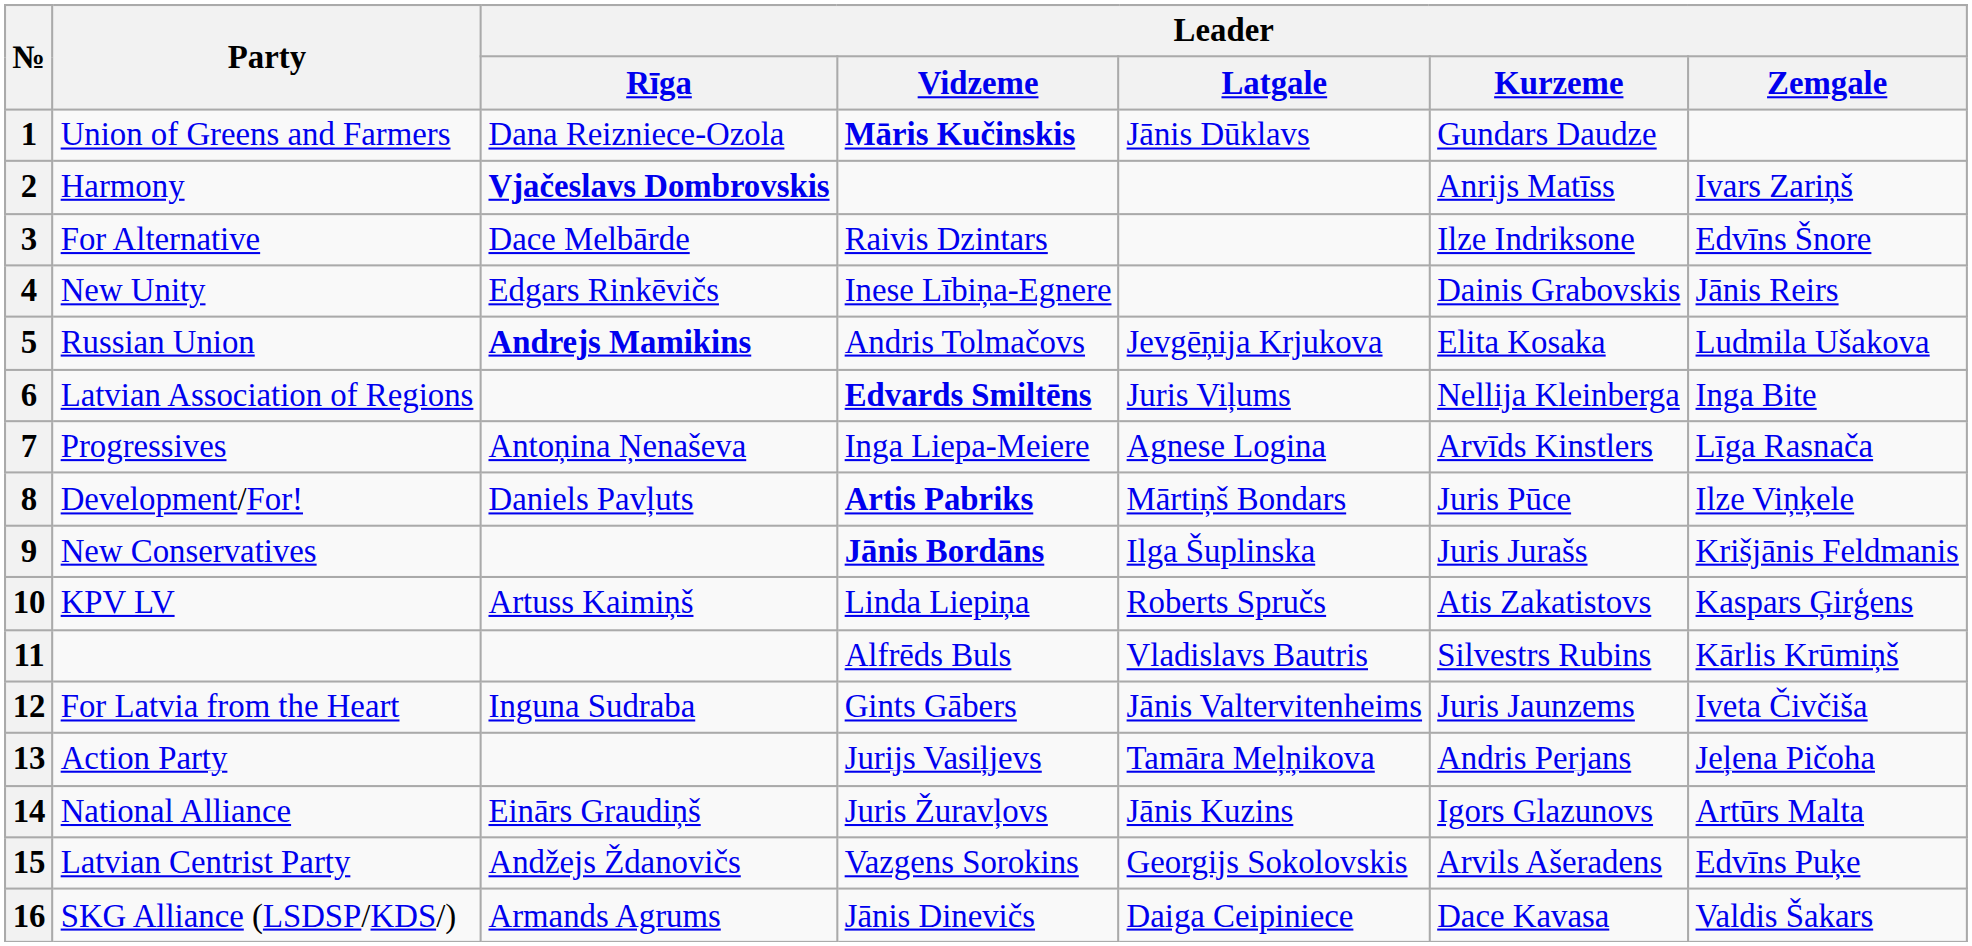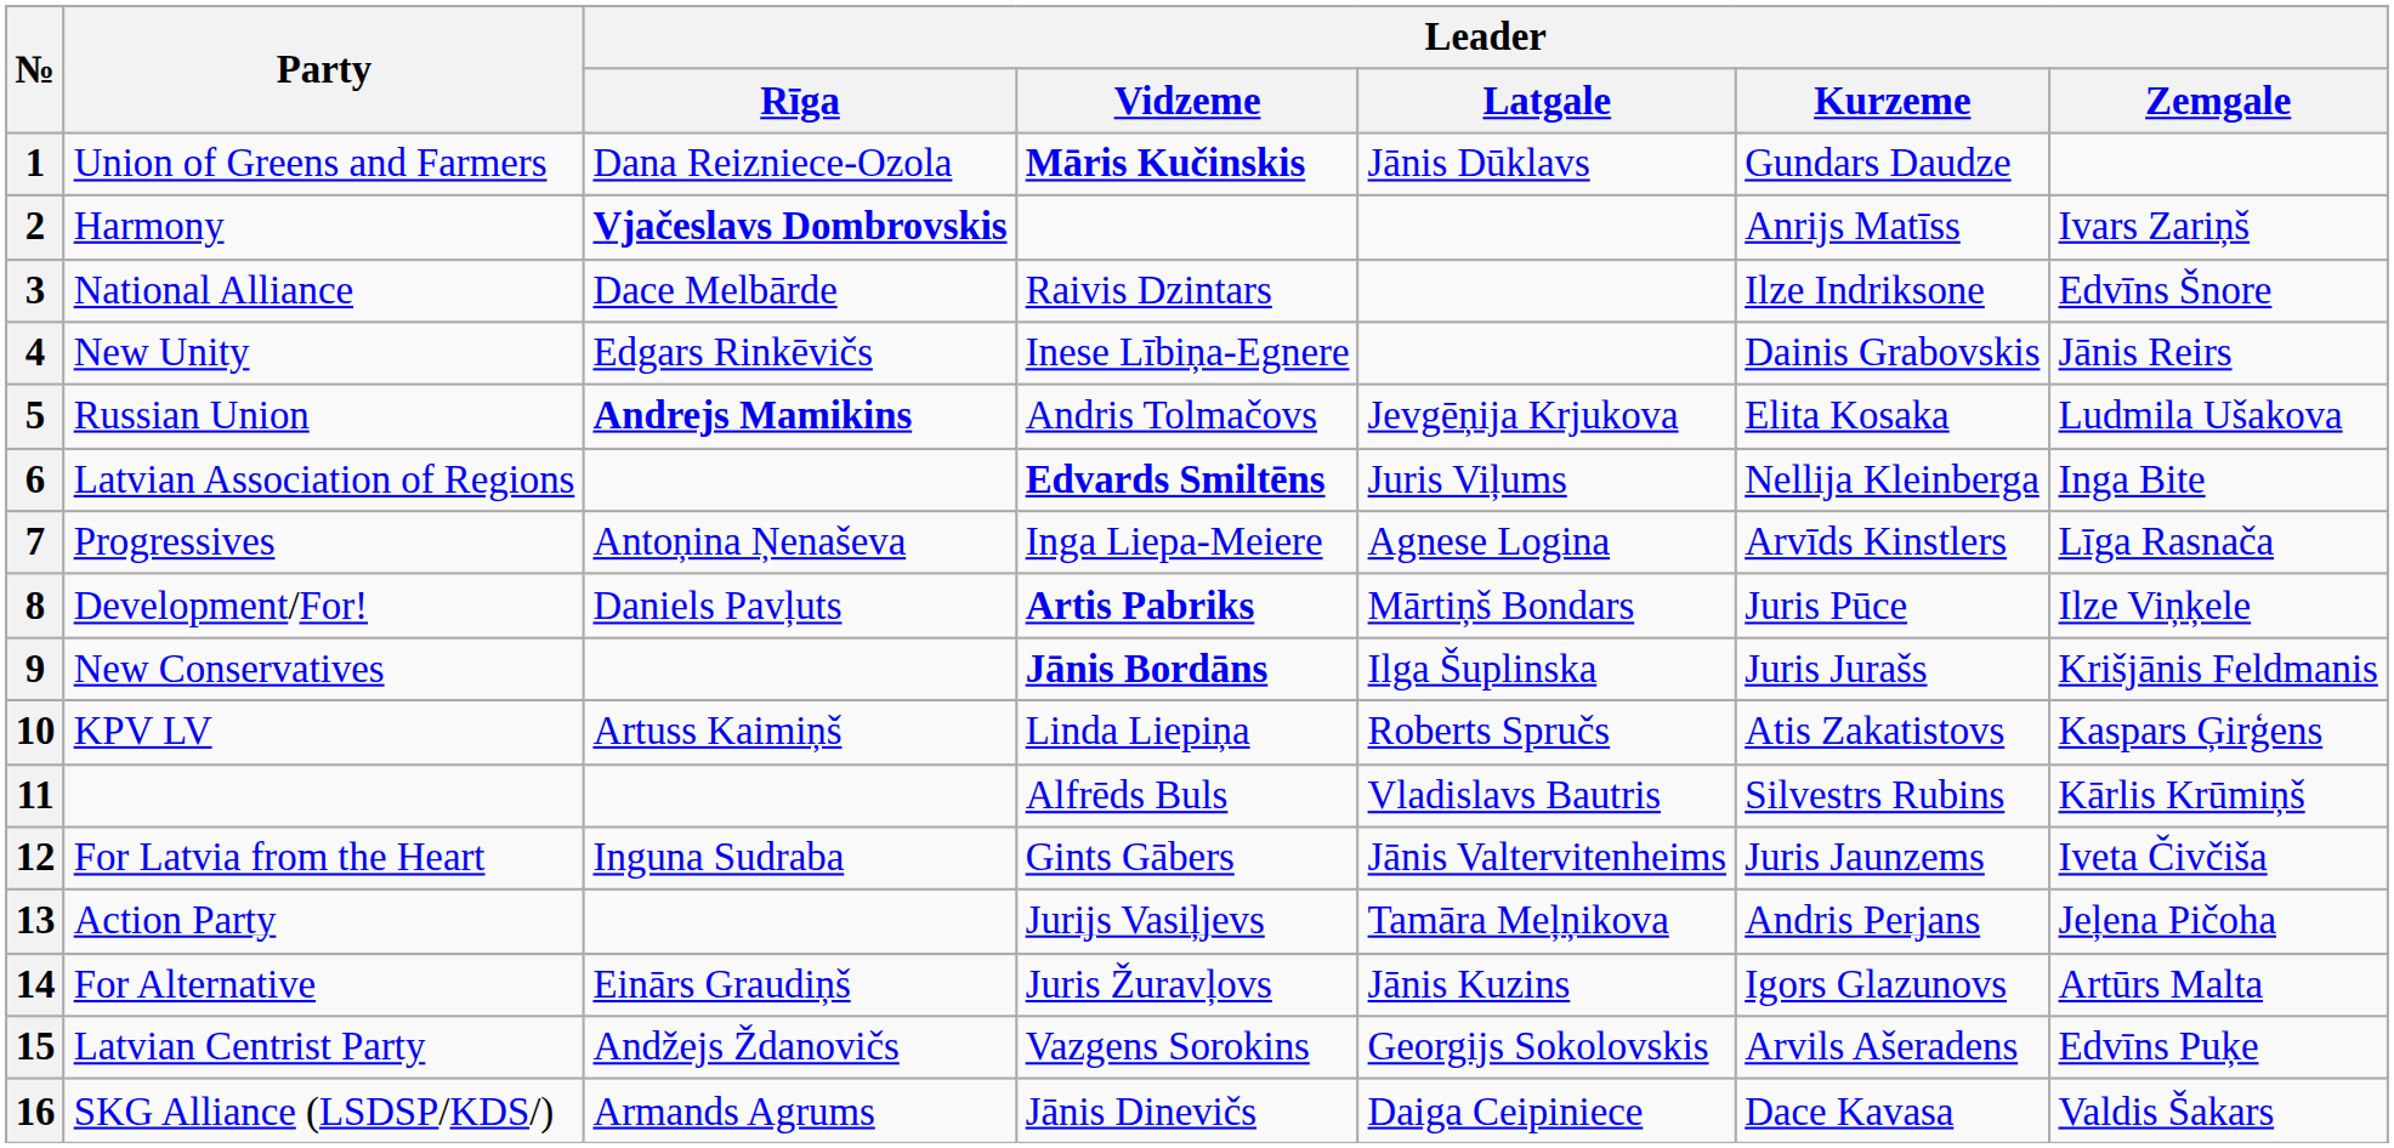 <table class="wikitable" style="text-align: left">
 <tr>
 <th rowspan=2>№</th>
 <th rowspan=2>Party</th>
 <th colspan=5>Leader</th>
 </tr>
 <tr>
 <th><a href='#'>Rīga</a></th>
 <th><a href='#'>Vidzeme</a></th>
 <th><a href='#'>Latgale</a></th>
 <th><a href='#'>Kurzeme</a></th>
 <th><a href='#'>Zemgale</a></th>
 </tr>
 <tr>
 <th>1</th>
 <td><a href='#'>Union of Greens and Farmers</a></td>
 <td><a href='#'>Dana Reizniece-Ozola</a></td>
 <td><strong><a href='#'>Māris Kučinskis</a></strong></td>
 <td><a href='#'>Jānis Dūklavs</a></td>
 <td><a href='#'>Gundars Daudze</a></td>
 <td></td>
 </tr>
 <tr>
 <th>2</th>
 <td><a href='#'>Harmony</a></td>
 <td><strong><a href='#'>Vjačeslavs Dombrovskis</a></strong></td>
 <td></td>
 <td></td>
 <td><a href='#'>Anrijs Matīss</a></td>
 <td><a href='#'>Ivars Zariņš</a></td>
 </tr>
 <tr>
 <th>3</th>
-<td><a href='#'>For Alternative</a></td>
+<td><a href='#'>National Alliance</a></td>
 <td><a href='#'>Dace Melbārde</a></td>
 <td><a href='#'>Raivis Dzintars</a></td>
 <td></td>
 <td><a href='#'>Ilze Indriksone</a></td>
 <td><a href='#'>Edvīns Šnore</a></td>
 </tr>
 <tr>
 <th>4</th>
 <td><a href='#'>New Unity</a></td>
 <td><a href='#'>Edgars Rinkēvičs</a></td>
 <td><a href='#'>Inese Lībiņa-Egnere</a></td>
 <td></td>
 <td><a href='#'>Dainis Grabovskis</a></td>
 <td><a href='#'>Jānis Reirs</a></td>
 </tr>
 <tr>
 <th>5</th>
 <td><a href='#'>Russian Union</a></td>
 <td><strong><a href='#'>Andrejs Mamikins</a></strong></td>
 <td><a href='#'>Andris Tolmačovs</a></td>
 <td><a href='#'>Jevgēņija Krjukova</a></td>
 <td><a href='#'>Elita Kosaka</a></td>
 <td><a href='#'>Ludmila Ušakova</a></td>
 </tr>
 <tr>
 <th>6</th>
 <td><a href='#'>Latvian Association of Regions</a></td>
 <td></td>
 <td><strong><a href='#'>Edvards Smiltēns</a></strong></td>
 <td><a href='#'>Juris Viļums</a></td>
 <td><a href='#'>Nellija Kleinberga</a></td>
 <td><a href='#'>Inga Bite</a></td>
 </tr>
 <tr>
 <th>7</th>
 <td><a href='#'>Progressives</a></td>
 <td><a href='#'>Antoņina Ņenaševa</a></td>
 <td><a href='#'>Inga Liepa-Meiere</a></td>
 <td><a href='#'>Agnese Logina</a></td>
 <td><a href='#'>Arvīds Kinstlers</a></td>
 <td><a href='#'>Līga Rasnača</a></td>
 </tr>
 <tr>
 <th>8</th>
 <td><a href='#'>Development</a>/<a href='#'>For!</a></td>
 <td><a href='#'>Daniels Pavļuts</a></td>
 <td><strong><a href='#'>Artis Pabriks</a></strong></td>
 <td><a href='#'>Mārtiņš Bondars</a></td>
 <td><a href='#'>Juris Pūce</a></td>
 <td><a href='#'>Ilze Viņķele</a></td>
 </tr>
 <tr>
 <th>9</th>
 <td><a href='#'>New Conservatives</a></td>
 <td></td>
 <td><strong><a href='#'>Jānis Bordāns</a></strong></td>
 <td><a href='#'>Ilga Šuplinska</a></td>
 <td><a href='#'>Juris Jurašs</a></td>
 <td><a href='#'>Krišjānis Feldmanis</a></td>
 </tr>
 <tr>
 <th>10</th>
 <td><a href='#'>KPV LV</a></td>
 <td><a href='#'>Artuss Kaimiņš</a></td>
 <td><a href='#'>Linda Liepiņa</a></td>
 <td><a href='#'>Roberts Spručs</a></td>
 <td><a href='#'>Atis Zakatistovs</a></td>
 <td><a href='#'>Kaspars Ģirģens</a></td>
 </tr>
 <tr>
 <th>11</th>
 <td></td>
 <td></td>
 <td><a href='#'>Alfrēds Buls</a></td>
 <td><a href='#'>Vladislavs Bautris</a></td>
 <td><a href='#'>Silvestrs Rubins</a></td>
 <td><a href='#'>Kārlis Krūmiņš</a></td>
 </tr>
 <tr>
 <th>12</th>
 <td><a href='#'>For Latvia from the Heart</a></td>
 <td><a href='#'>Inguna Sudraba</a></td>
 <td><a href='#'>Gints Gābers</a></td>
 <td><a href='#'>Jānis Valtervitenheims</a></td>
 <td><a href='#'>Juris Jaunzems</a></td>
 <td><a href='#'>Iveta Čivčiša</a></td>
 </tr>
 <tr>
 <th>13</th>
 <td><a href='#'>Action Party</a></td>
 <td></td>
 <td><a href='#'>Jurijs Vasiļjevs</a></td>
 <td><a href='#'>Tamāra Meļņikova</a></td>
 <td><a href='#'>Andris Perjans</a></td>
 <td><a href='#'>Jeļena Pičoha</a></td>
 </tr>
 <tr>
 <th>14</th>
-<td><a href='#'>National Alliance</a></td>
+<td><a href='#'>For Alternative</a></td>
 <td><a href='#'>Einārs Graudiņš</a></td>
 <td><a href='#'>Juris Žuravļovs</a></td>
 <td><a href='#'>Jānis Kuzins</a></td>
 <td><a href='#'>Igors Glazunovs</a></td>
 <td><a href='#'>Artūrs Malta</a></td>
 </tr>
 <tr>
 <th>15</th>
 <td><a href='#'>Latvian Centrist Party</a></td>
 <td><a href='#'>Andžejs Ždanovičs</a></td>
 <td><a href='#'>Vazgens Sorokins</a></td>
 <td><a href='#'>Georgijs Sokolovskis</a></td>
 <td><a href='#'>Arvils Ašeradens</a></td>
 <td><a href='#'>Edvīns Puķe</a></td>
 </tr>
 <tr>
 <th>16</th>
 <td><a href='#'>SKG Alliance</a> (<a href='#'>LSDSP</a>/<a href='#'>KDS</a>/)</td>
 <td><a href='#'>Armands Agrums</a></td>
 <td><a href='#'>Jānis Dinevičs</a></td>
 <td><a href='#'>Daiga Ceipiniece</a></td>
 <td><a href='#'>Dace Kavasa</a></td>
 <td><a href='#'>Valdis Šakars</a></td>
 </tr>
 </table>
